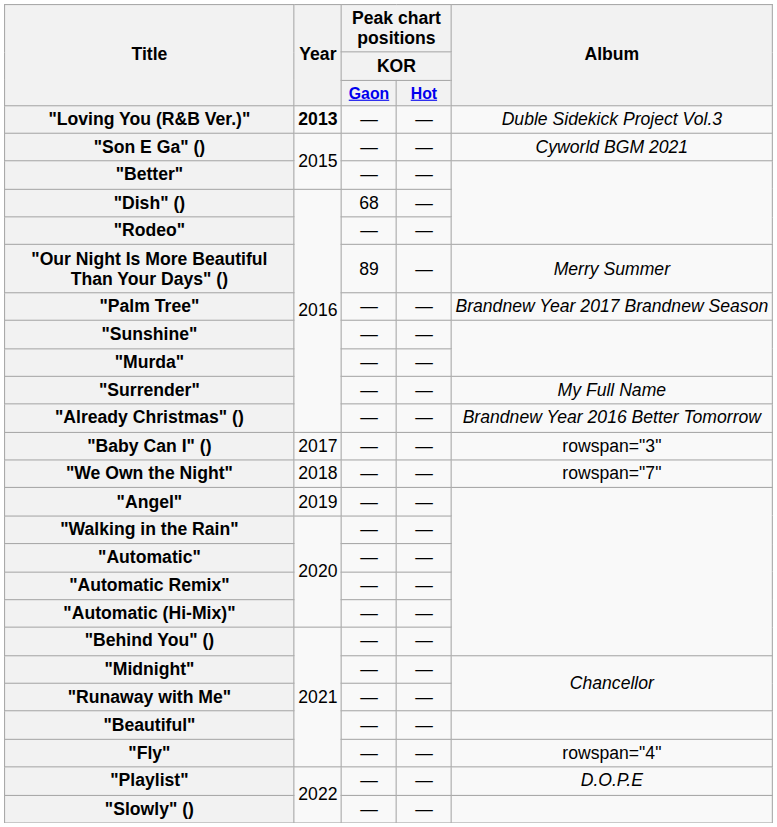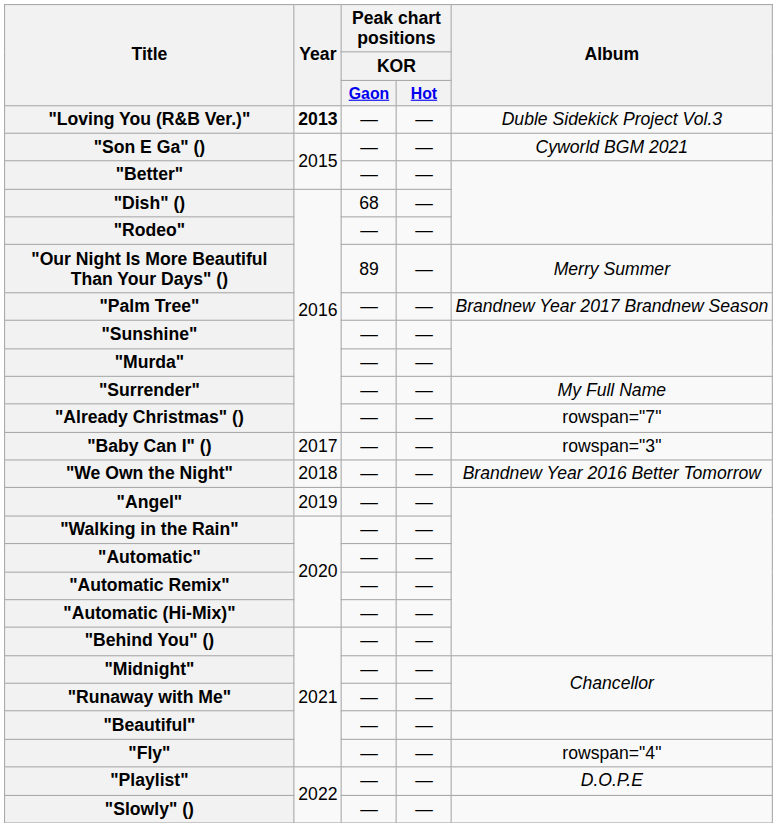 <table class="wikitable plainrowheaders" style="text-align:center;" border="1">
 <tr>
 <th scope="col" rowspan="3" style="width:16em;">Title</th>
 <th scope="col" rowspan="3">Year</th>
 <th scope="col" colspan="2">Peak chart positions</th>
 <th scope="col" rowspan="3">Album</th>
 </tr>
 <tr>
 <th scope="col" colspan="2">KOR</th>
 </tr>
 <tr>
 <th scope="col" style="width:3em;font-size:90%;"><a href='#'>Gaon</a><br></th>
 <th scope="col" style="width:3em;font-size:90%;"><a href='#'>Hot</a></th>
 </tr>
 <tr>
 <th scope="row">"Loving You (R&B Ver.)"</th>
 <td><strong>2013</strong></td>
 <td>—</td>
 <td>—</td>
 <td><em>Duble Sidekick Project Vol.3</em></td>
 </tr>
 <tr>
 <th scope="row">"Son E Ga" ()<br></th>
 <td rowspan="2">2015</td>
 <td>—</td>
 <td>—</td>
 <td><em>Cyworld BGM 2021</em></td>
 </tr>
 <tr>
 <th scope="row">"Better"</th>
 <td>—</td>
 <td>—</td>
 </tr>
 <tr>
 <th scope="row">"Dish" ()<br></th>
 <td rowspan="8">2016</td>
 <td>68</td>
 <td>—</td>
 </tr>
 <tr>
 <th scope="row">"Rodeo"<br></th>
 <td>—</td>
 <td>—</td>
 </tr>
 <tr>
 <th scope="row">"Our Night Is More Beautiful Than Your Days" ()<br></th>
 <td>89</td>
 <td>—</td>
 <td><em>Merry Summer</em></td>
 </tr>
 <tr>
 <th scope="row">"Palm Tree"<br></th>
 <td>—</td>
 <td>—</td>
 <td><em>Brandnew Year 2017 Brandnew Season</em></td>
 </tr>
 <tr>
 <th scope="row">"Sunshine"<br></th>
 <td>—</td>
 <td>—</td>
 </tr>
 <tr>
 <th scope="row">"Murda"<br></th>
 <td>—</td>
 <td>—</td>
 </tr>
 <tr>
 <th scope="row">"Surrender"<br></th>
 <td>—</td>
 <td>—</td>
 <td><em>My Full Name</em></td>
 </tr>
 <tr>
 <th scope="row">"Already Christmas" ()<br></th>
 <td>—</td>
 <td>—</td>
-<td><em>Brandnew Year 2016 Better Tomorrow</em></td>
+<td>rowspan="7" </td>
 </tr>
 <tr>
 <th scope="row">"Baby Can I" ()<br></th>
 <td>2017</td>
 <td>—</td>
 <td>—</td>
 <td>rowspan="3" </td>
 </tr>
 <tr>
 <th scope="row">"We Own the Night"<br></th>
 <td>2018</td>
 <td>—</td>
 <td>—</td>
-<td>rowspan="7" </td>
+<td><em>Brandnew Year 2016 Better Tomorrow</em></td>
 </tr>
 <tr>
 <th scope="row">"Angel"<br></th>
 <td>2019</td>
 <td>—</td>
 <td>—</td>
 </tr>
 <tr>
 <th scope="row">"Walking in the Rain"<br></th>
 <td rowspan="4">2020</td>
 <td>—</td>
 <td>—</td>
 </tr>
 <tr>
 <th scope="row">"Automatic"<br></th>
 <td>—</td>
 <td>—</td>
 </tr>
 <tr>
 <th scope="row">"Automatic Remix"<br></th>
 <td>—</td>
 <td>—</td>
 </tr>
 <tr>
 <th scope="row">"Automatic (Hi-Mix)"<br></th>
 <td>—</td>
 <td>—</td>
 </tr>
 <tr>
 <th scope="row">"Behind You" ()</th>
 <td rowspan="5">2021</td>
 <td>—</td>
 <td>—</td>
 </tr>
 <tr>
 <th scope="row">"Midnight"<br></th>
 <td>—</td>
 <td>—</td>
 <td rowspan="2"><em>Chancellor</em></td>
 </tr>
 <tr>
 <th scope="row">"Runaway with Me"</th>
 <td>—</td>
 <td>—</td>
 </tr>
 <tr>
 <th scope="row">"Beautiful"<br></th>
 <td>—</td>
 <td>—</td>
 <td></td>
 </tr>
 <tr>
 <th scope="row">"Fly"<br></th>
 <td>—</td>
 <td>—</td>
 <td>rowspan="4" </td>
 </tr>
 <tr>
 <th scope="row">"Playlist"<br></th>
 <td rowspan="2">2022</td>
 <td>—</td>
 <td>—</td>
 <td><em>D.O.P.E</em></td>
 </tr>
 <tr>
 <th scope="row">"Slowly" ()</th>
 <td>—</td>
 <td>—</td>
 <td></td>
 </tr>
 </table>
